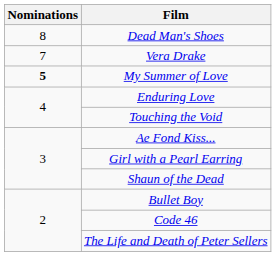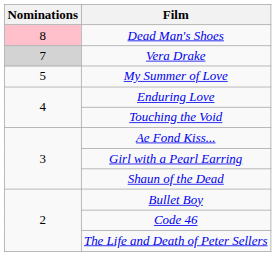 <table class="wikitable plainrowheaders" style="text-align:center;">
 <tr>
 <th scope="col" style="width:55px;">Nominations</th>
 <th scope="col" style="text-align:center;">Film</th>
 </tr>
 <tr>
-<td>8</td>
+<td style="background: pink;">8</td>
 <td><em><a href='#'>Dead Man's Shoes</a></em></td>
 </tr>
 <tr>
-<td>7</td>
+<td style="background: lightgrey;">7</td>
 <td><em><a href='#'>Vera Drake</a></em></td>
 </tr>
 <tr>
-<td><strong>5</strong></td>
+<td>5</td>
 <td><em><a href='#'>My Summer of Love</a></em></td>
 </tr>
 <tr>
 <td rowspan="2">4</td>
 <td><a href='#'><em>Enduring Love</em></a></td>
 </tr>
 <tr>
 <td><em><a href='#'>Touching the Void</a></em></td>
 </tr>
 <tr>
 <td rowspan="3">3</td>
 <td><em><a href='#'>Ae Fond Kiss...</a></em></td>
 </tr>
 <tr>
 <td><em><a href='#'>Girl with a Pearl Earring</a></em></td>
 </tr>
 <tr>
 <td><em><a href='#'>Shaun of the Dead</a></em></td>
 </tr>
 <tr>
 <td rowspan="3">2</td>
 <td><em><a href='#'>Bullet Boy</a></em></td>
 </tr>
 <tr>
 <td><em><a href='#'>Code 46</a></em></td>
 </tr>
 <tr>
 <td><em><a href='#'>The Life and Death of Peter Sellers</a></em></td>
 </tr>
 </table>
